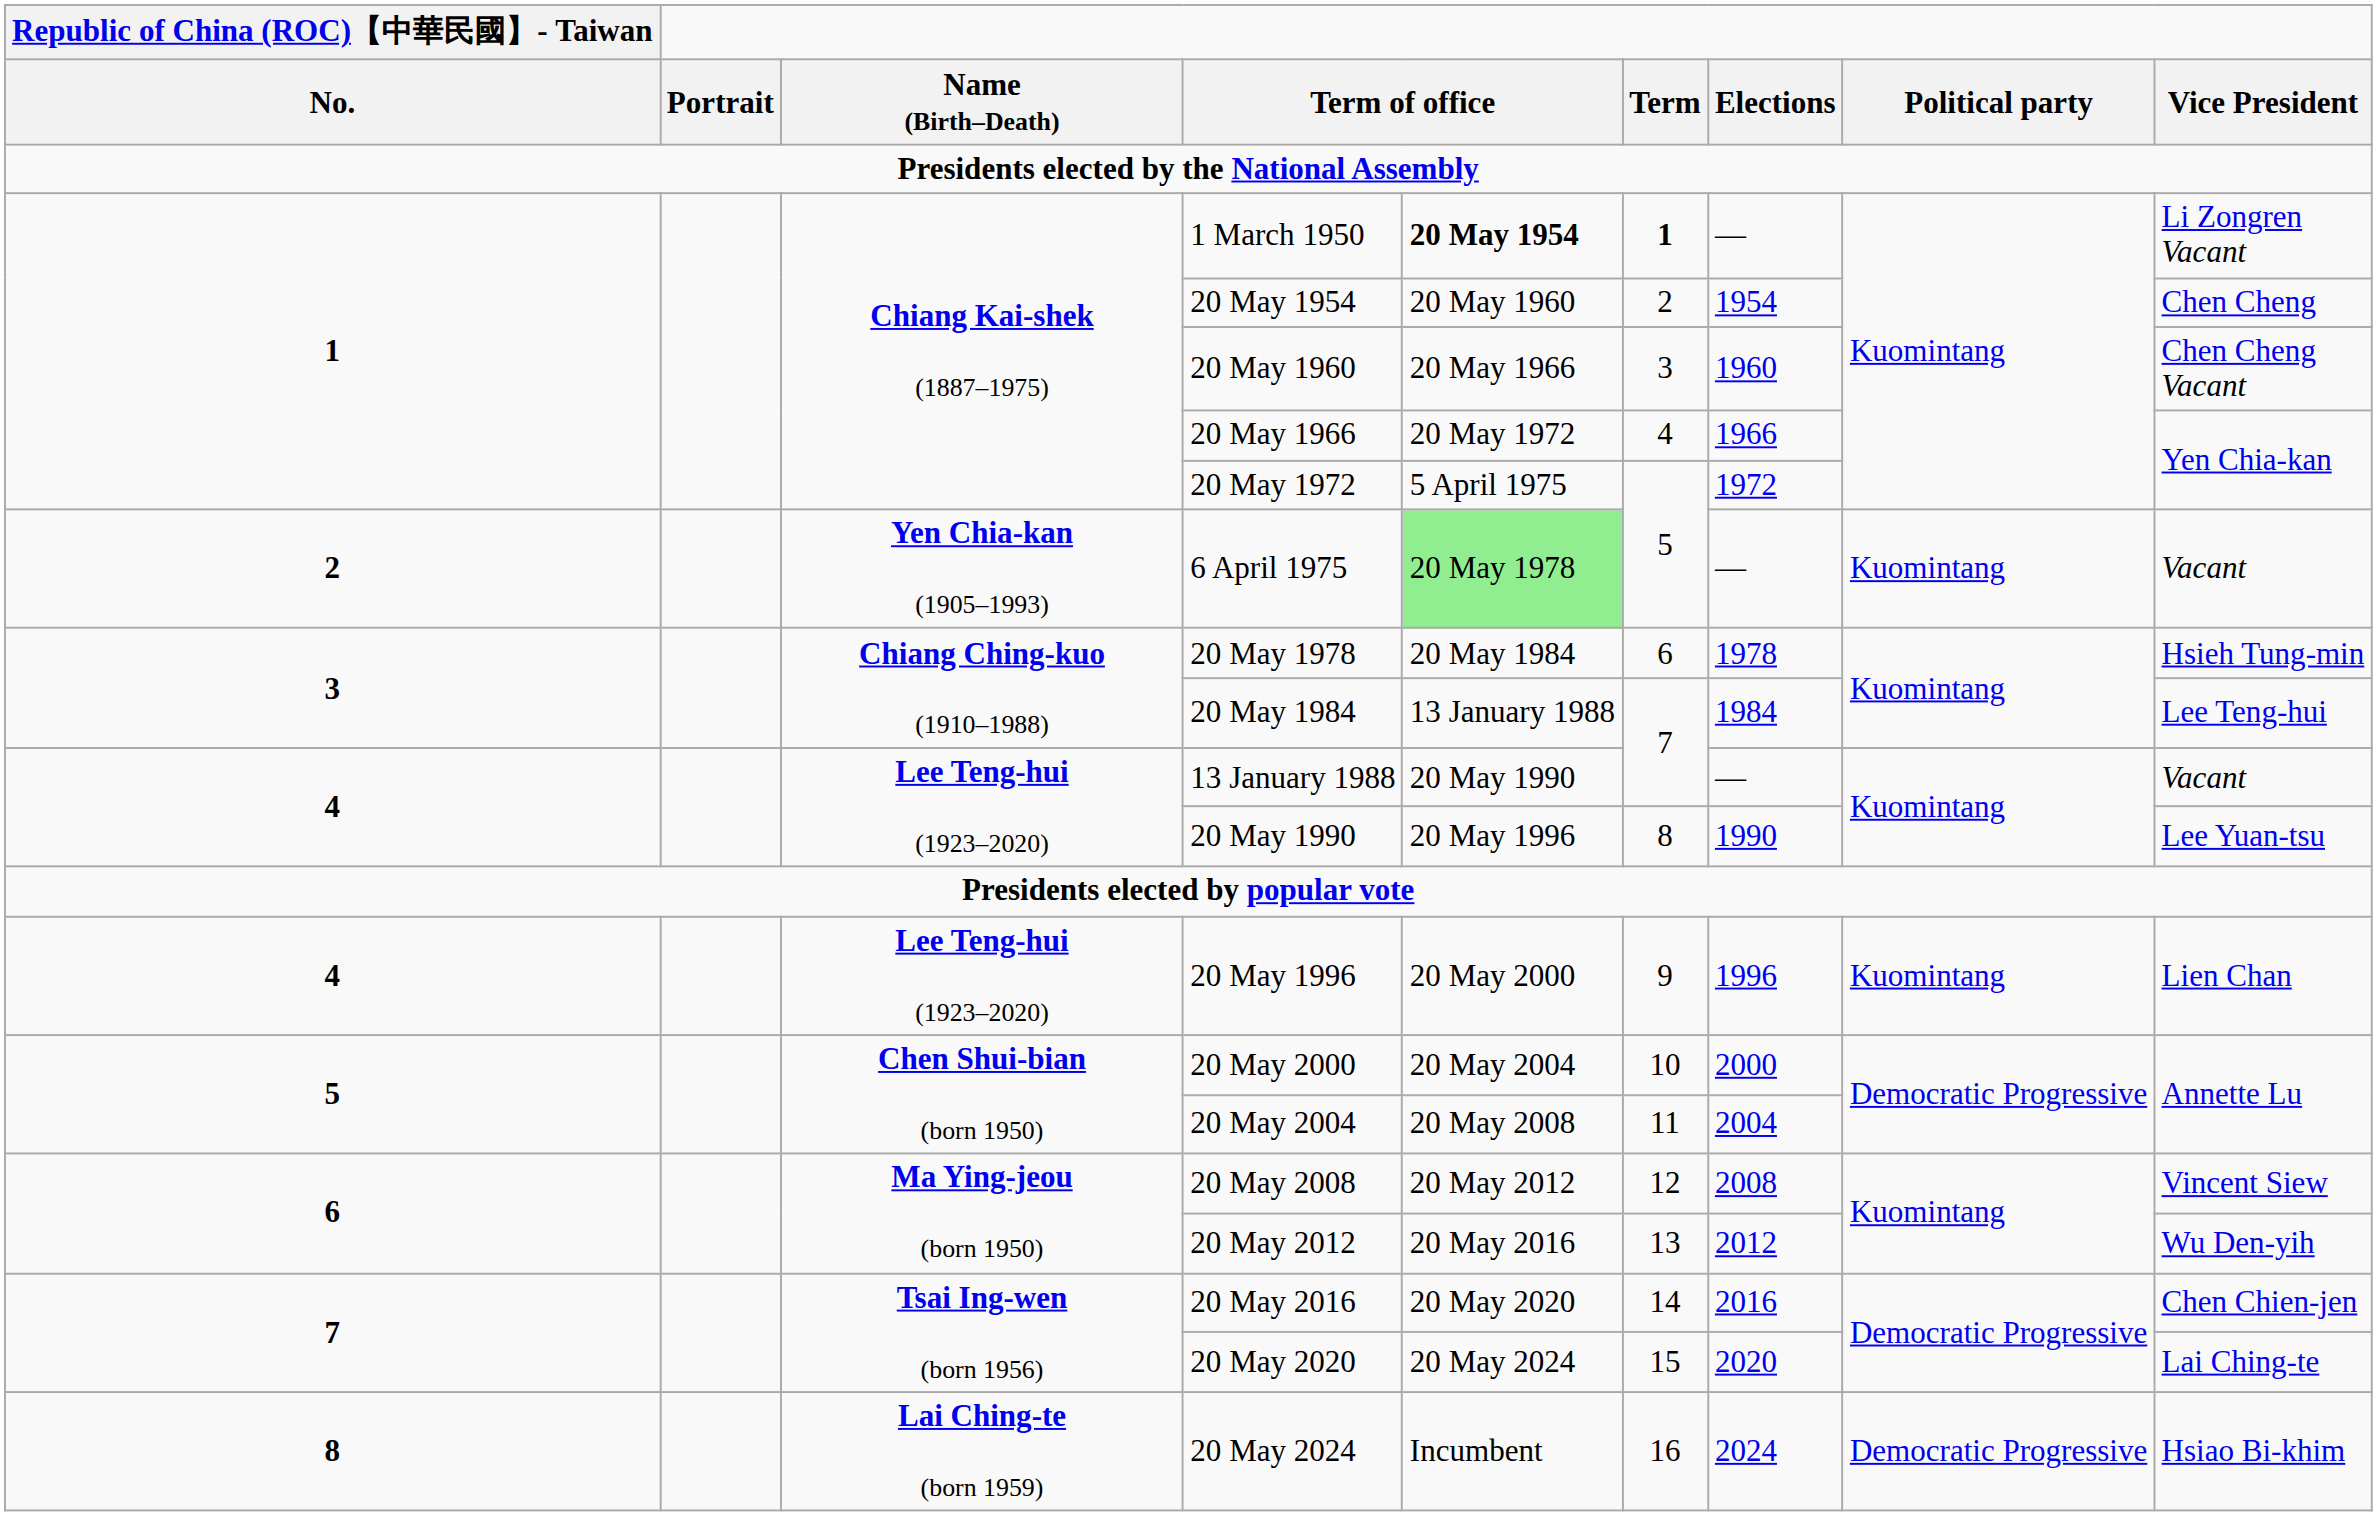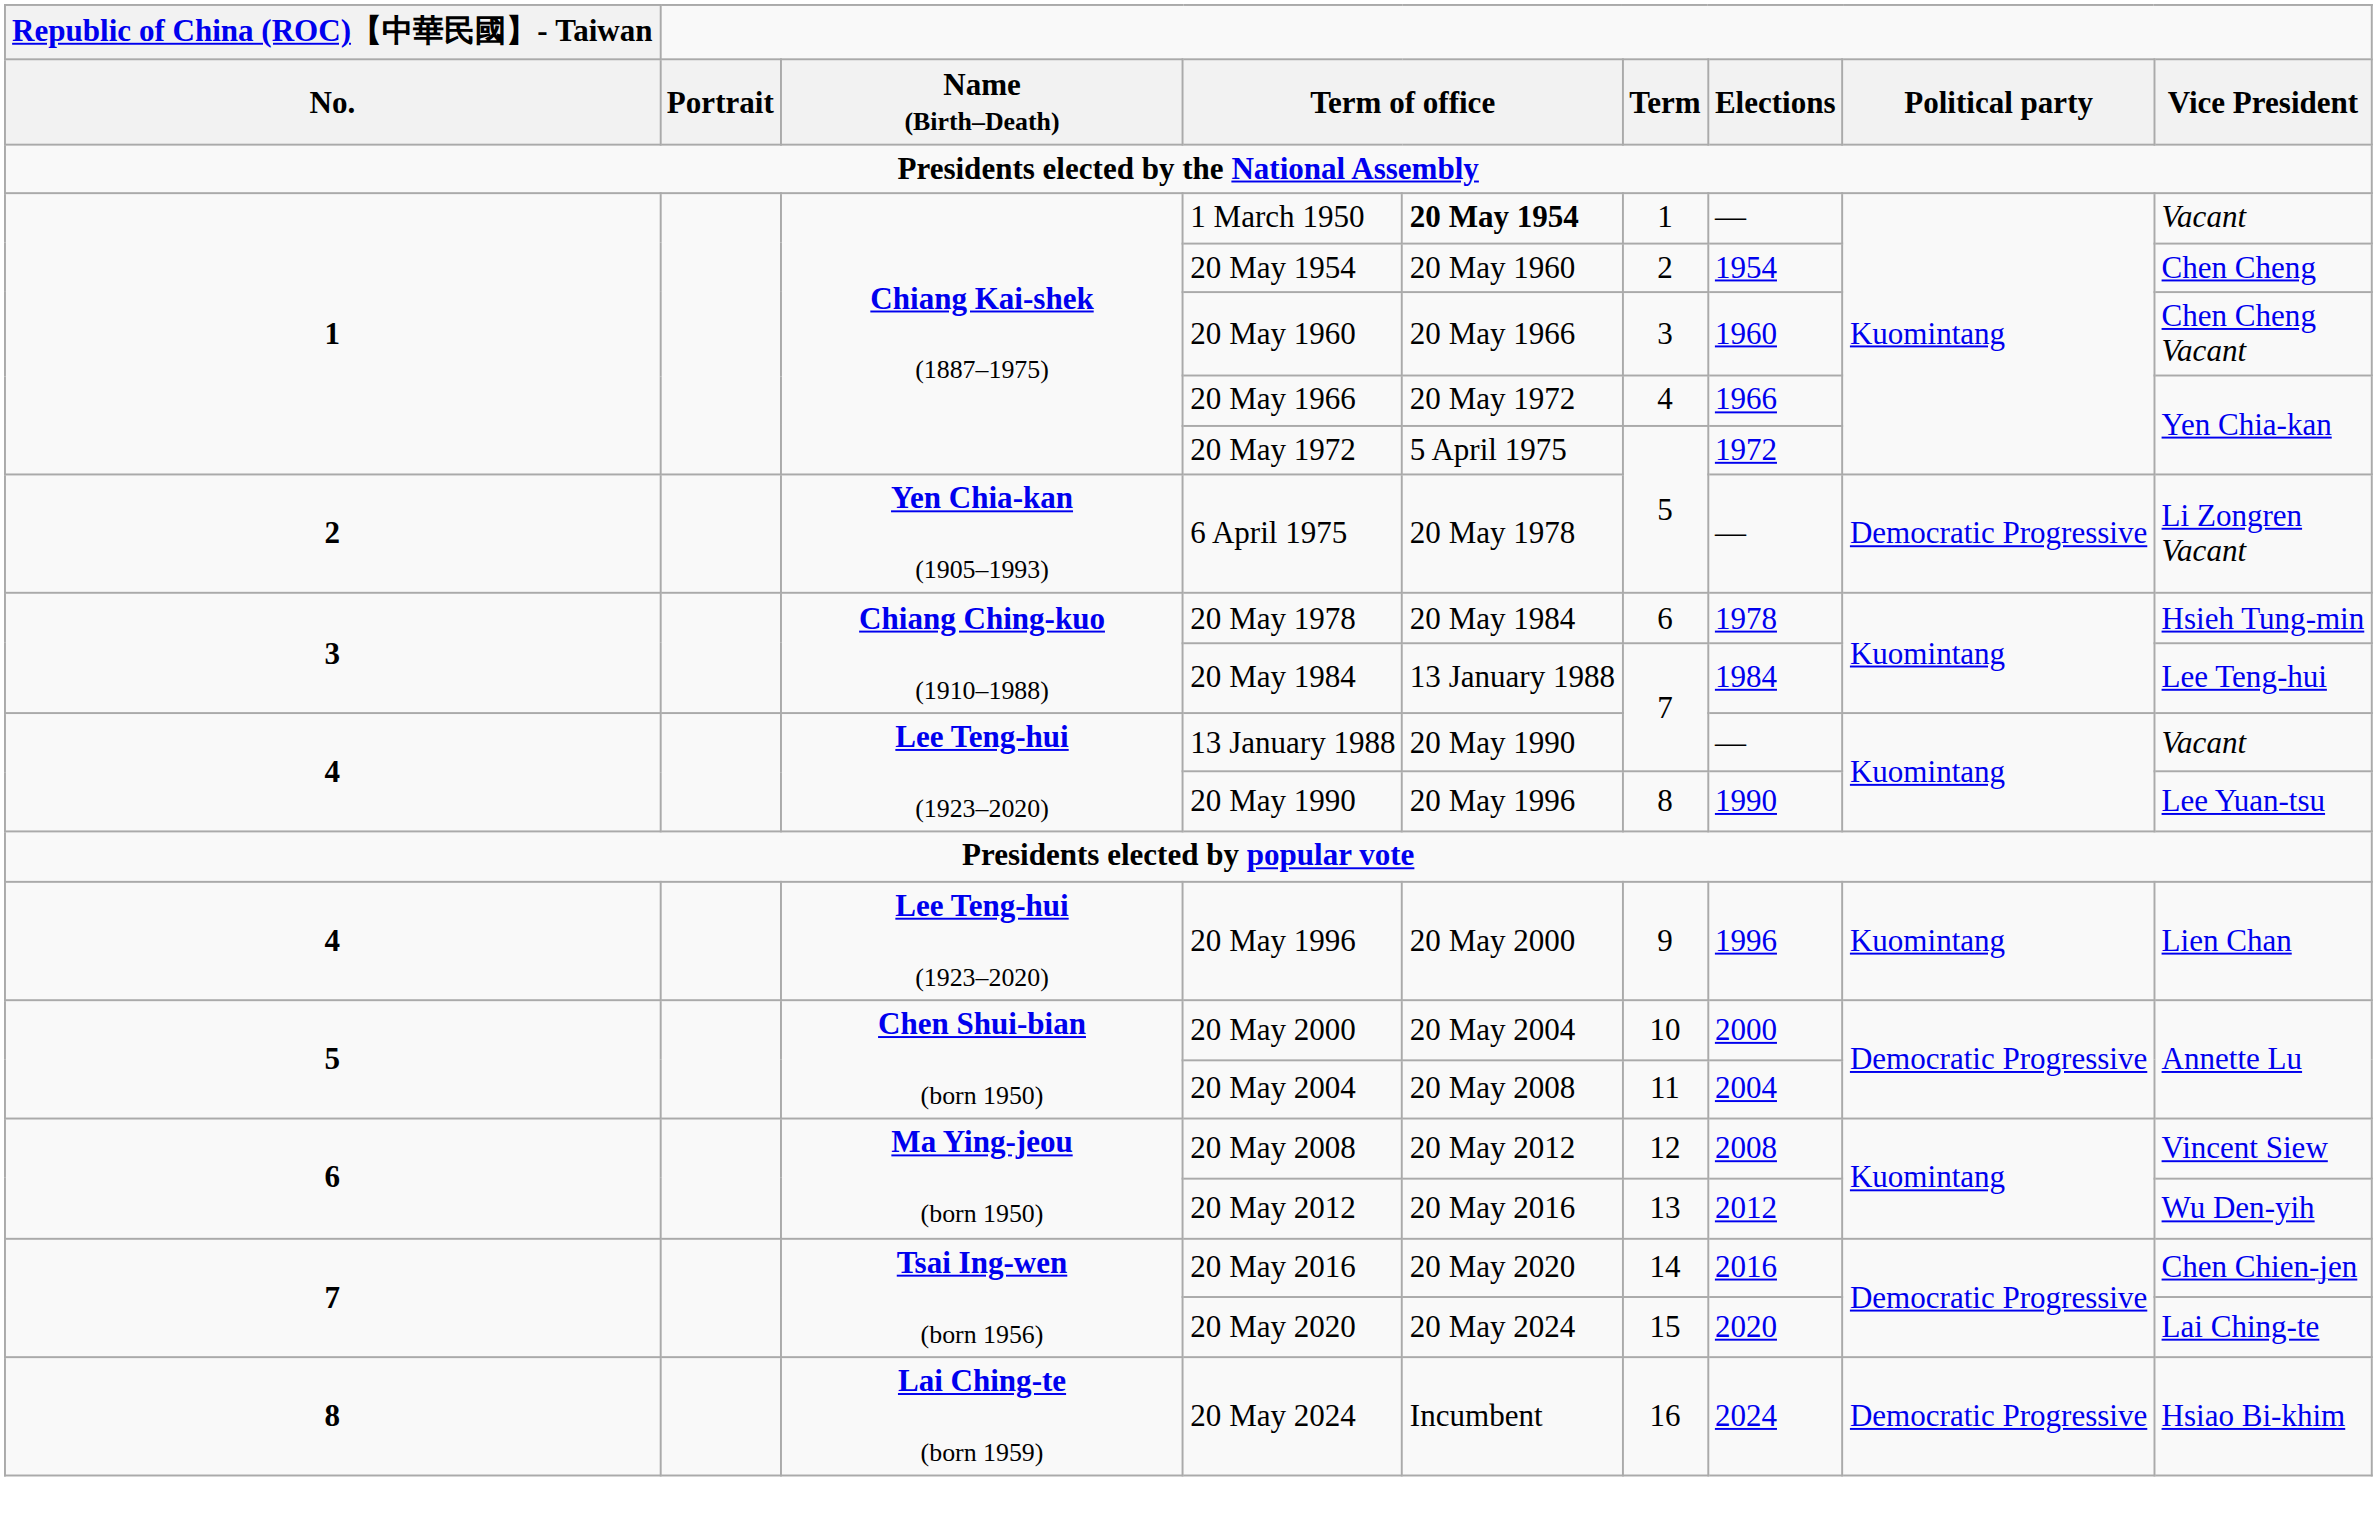 <table class=wikitable>
 <tr>
 <th align=center style="background:"> <a href='#'><span>Republic of China (ROC)</span></a>【中華民國】- Taiwan</th>
 </tr>
 <tr>
 <th align=center style="background:">No.</th>
 <th>Portrait</th>
 <th width=200>Name<br><small>(Birth–Death)</small></th>
 <th colspan=2>Term of office</th>
 <th>Term</th>
 <th>Elections<br></th>
 <th>Political party</th>
 <th>Vice President</th>
 </tr>
 <tr>
 <td colspan=9 align=center><strong>Presidents elected by the <a href='#'>National Assembly</a></strong></td>
 </tr>
 <tr>
 <td rowspan=5 align=center style="background:"><strong>1</strong></td>
 <td align=center rowspan=5></td>
 <td rowspan=5 align=center><strong><a href='#'>Chiang Kai-shek</a></strong><br><br><small>(1887–1975)</small></td>
 <td>1 March 1950</td>
 <td><strong>20 May 1954</strong></td>
-<td align=center><strong>1</strong></td>
+<td align=center>1</td>
 <td>—</td>
 <td rowspan=5><a href='#'>Kuomintang</a></td>
-<td><a href='#'>Li Zongren</a> <br><em>Vacant</em> </td>
+<td><em>Vacant</em></td>
 </tr>
 <tr>
 <td>20 May 1954</td>
 <td>20 May 1960</td>
 <td align=center>2</td>
 <td><a href='#'>1954</a> </td>
 <td><a href='#'>Chen Cheng</a></td>
 </tr>
 <tr>
 <td>20 May 1960</td>
 <td>20 May 1966</td>
 <td align=center>3</td>
 <td><a href='#'>1960</a> </td>
 <td><a href='#'>Chen Cheng</a> <br><em>Vacant</em> </td>
 </tr>
 <tr>
 <td>20 May 1966</td>
 <td>20 May 1972</td>
 <td align=center>4</td>
 <td><a href='#'>1966</a> </td>
 <td rowspan=2><a href='#'>Yen Chia-kan</a></td>
 </tr>
 <tr>
 <td>20 May 1972</td>
 <td>5 April 1975</td>
 <td rowspan=2 align=center>5</td>
 <td><a href='#'>1972</a> </td>
 </tr>
 <tr>
 <td align=center style="background:"><strong>2</strong></td>
 <td align=center></td>
 <td align=center><strong><a href='#'>Yen Chia-kan</a></strong><br><br><small>(1905–1993)</small></td>
 <td>6 April 1975</td>
-<td style="background: lightgreen;">20 May 1978</td>
+<td>20 May 1978</td>
 <td>—</td>
-<td><a href='#'>Kuomintang</a></td>
-<td><em>Vacant</em></td>
+<td><a href='#'>Democratic Progressive</a></td>
+<td><a href='#'>Li Zongren</a> <br><em>Vacant</em> </td>
 </tr>
 <tr>
 <td rowspan=2 align=center style="background:"><strong>3</strong></td>
 <td align=center rowspan=2></td>
 <td rowspan=2 align=center><strong><a href='#'>Chiang Ching-kuo</a></strong><br><br><small>(1910–1988)</small></td>
 <td>20 May 1978</td>
 <td>20 May 1984</td>
 <td align=center>6</td>
 <td><a href='#'>1978</a> </td>
 <td rowspan=2><a href='#'>Kuomintang</a></td>
 <td><a href='#'>Hsieh Tung-min</a></td>
 </tr>
 <tr>
 <td>20 May 1984</td>
 <td>13 January 1988</td>
 <td rowspan=2 align=center>7</td>
 <td><a href='#'>1984</a> </td>
 <td><a href='#'>Lee Teng-hui</a></td>
 </tr>
 <tr>
 <td rowspan=2 align=center style="background:"><strong>4</strong></td>
 <td align=center rowspan=2></td>
 <td rowspan=2 align=center><strong><a href='#'>Lee Teng-hui</a></strong><br><br><small>(1923–2020)</small></td>
 <td>13 January 1988</td>
 <td>20 May 1990</td>
 <td>—</td>
 <td rowspan=2><a href='#'>Kuomintang</a></td>
 <td><em>Vacant</em></td>
 </tr>
 <tr>
 <td>20 May 1990</td>
 <td>20 May 1996</td>
 <td align=center>8</td>
 <td><a href='#'>1990</a> </td>
 <td><a href='#'>Lee Yuan-tsu</a></td>
 </tr>
 <tr>
 <td colspan=9 align=center><strong>Presidents elected by <a href='#'>popular vote</a></strong></td>
 </tr>
 <tr>
 <td align=center style="background:"><strong>4</strong></td>
 <td align=center></td>
 <td align=center><strong><a href='#'>Lee Teng-hui</a></strong><br><br><small>(1923–2020)</small></td>
 <td>20 May 1996</td>
 <td>20 May 2000</td>
 <td align=center>9</td>
 <td><a href='#'>1996</a> </td>
 <td><a href='#'>Kuomintang</a></td>
 <td><a href='#'>Lien Chan</a></td>
 </tr>
 <tr>
 <td rowspan=2 align=center style="background:"><strong>5</strong></td>
 <td align=center rowspan=2></td>
 <td rowspan=2 align=center><strong><a href='#'>Chen Shui-bian</a></strong><br><br><small>(born 1950)</small></td>
 <td>20 May 2000</td>
 <td>20 May 2004</td>
 <td align=center>10</td>
 <td><a href='#'>2000</a> </td>
 <td rowspan=2><a href='#'>Democratic Progressive</a></td>
 <td rowspan=2><a href='#'>Annette Lu</a></td>
 </tr>
 <tr>
 <td>20 May 2004</td>
 <td>20 May 2008</td>
 <td align=center>11</td>
 <td><a href='#'>2004</a> </td>
 </tr>
 <tr>
 <td rowspan=2 align=center style="background:"><strong>6</strong></td>
 <td align=center rowspan=2></td>
 <td rowspan=2 align=center><strong><a href='#'>Ma Ying-jeou</a></strong><br><br><small>(born 1950)</small></td>
 <td>20 May 2008</td>
 <td>20 May 2012</td>
 <td align=center>12</td>
 <td><a href='#'>2008</a> </td>
 <td rowspan=2><a href='#'>Kuomintang</a></td>
 <td><a href='#'>Vincent Siew</a></td>
 </tr>
 <tr>
 <td>20 May 2012</td>
 <td>20 May 2016</td>
 <td align=center>13</td>
 <td><a href='#'>2012</a> </td>
 <td><a href='#'>Wu Den-yih</a></td>
 </tr>
 <tr>
 <td rowspan=2 align=center style="background:"><strong>7</strong></td>
 <td align=center rowspan=2></td>
 <td rowspan=2 align=center><strong><a href='#'>Tsai Ing-wen</a></strong><br><br><small>(born 1956)</small></td>
 <td>20 May 2016</td>
 <td>20 May 2020</td>
 <td align=center>14</td>
 <td><a href='#'>2016</a> </td>
 <td rowspan=2><a href='#'>Democratic Progressive</a></td>
 <td><a href='#'>Chen Chien-jen</a></td>
 </tr>
 <tr>
 <td>20 May 2020</td>
 <td>20 May 2024</td>
 <td align=center>15</td>
 <td><a href='#'>2020</a> </td>
 <td><a href='#'>Lai Ching-te</a></td>
 </tr>
 <tr>
 <td align=center style="background:"><strong>8</strong></td>
 <td align=center></td>
 <td align=center><strong><a href='#'>Lai Ching-te</a></strong><br><br><small>(born 1959)</small></td>
 <td>20 May 2024</td>
 <td>Incumbent</td>
 <td align=center>16</td>
 <td><a href='#'>2024</a> </td>
 <td><a href='#'>Democratic Progressive</a></td>
 <td><a href='#'>Hsiao Bi-khim</a></td>
 </tr>
 </table>
